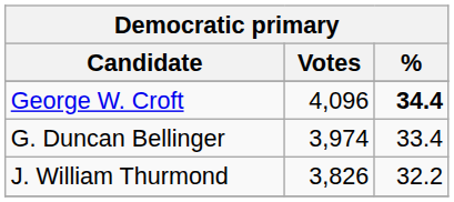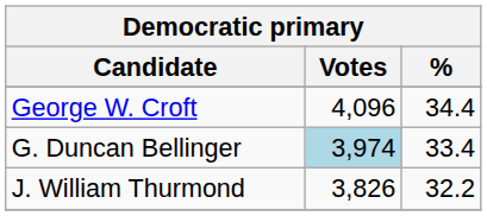 <table class="wikitable" align="left" style="margin: 1em 1em 1em 0; font-size: 95%;">
 <tr>
 <th colspan="3">Democratic primary</th>
 </tr>
 <tr>
 <th colspan="1" style="width: 170px">Candidate</th>
 <th style="width: 50px">Votes</th>
 <th style="width: 40px">%</th>
 </tr>
 <tr>
 </tr>
 <tr>
 <td><a href='#'>George W. Croft</a></td>
 <td align="right">4,096</td>
-<td align="right"><strong>34.4</strong></td>
+<td align="right">34.4</td>
 </tr>
 <tr>
 <td>G. Duncan Bellinger</td>
-<td align="right">3,974</td>
+<td align="right" style="background: lightblue;">3,974</td>
 <td align="right">33.4</td>
 </tr>
 <tr>
 <td>J. William Thurmond</td>
 <td align="right">3,826</td>
 <td align="right">32.2</td>
 </tr>
 <tr>
 </tr>
 </table>
